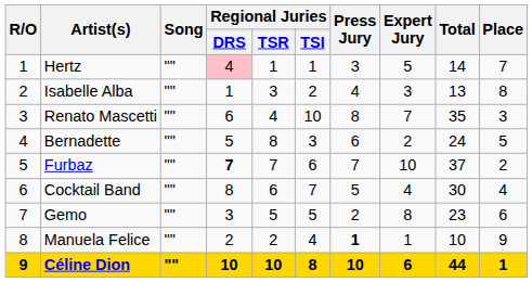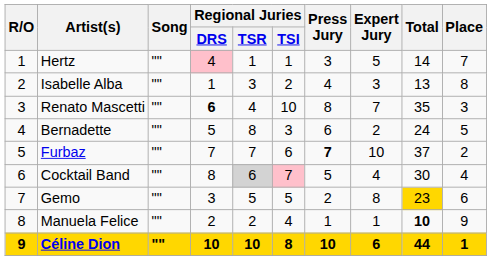 <table class="sortable wikitable" style="margin: 1em auto 1em auto; text-align:center">
 <tr>
 <th rowspan="2">R/O</th>
 <th rowspan="2">Artist(s)</th>
 <th rowspan="2">Song</th>
 <th colspan="3">Regional Juries</th>
 <th rowspan="2">Press<br>Jury</th>
 <th rowspan="2">Expert<br>Jury</th>
 <th rowspan="2">Total</th>
 <th rowspan="2">Place</th>
 </tr>
 <tr>
 <th><a href='#'>DRS</a></th>
 <th><a href='#'>TSR</a></th>
 <th><a href='#'>TSI</a></th>
 </tr>
 <tr>
 <td>1</td>
 <td align="left">Hertz</td>
 <td align="left">""</td>
 <td style="background: pink;">4</td>
 <td>1</td>
 <td>1</td>
 <td>3</td>
 <td>5</td>
 <td>14</td>
 <td>7</td>
 </tr>
 <tr>
 <td>2</td>
 <td align="left">Isabelle Alba</td>
 <td align="left">""</td>
 <td>1</td>
 <td>3</td>
 <td>2</td>
 <td>4</td>
 <td>3</td>
 <td>13</td>
 <td>8</td>
 </tr>
 <tr>
 <td>3</td>
 <td align="left">Renato Mascetti</td>
 <td align="left">""</td>
-<td>6</td>
+<td><strong>6</strong></td>
 <td>4</td>
 <td>10</td>
 <td>8</td>
 <td>7</td>
 <td>35</td>
 <td>3</td>
 </tr>
 <tr>
 <td>4</td>
 <td align="left">Bernadette</td>
 <td align="left">""</td>
 <td>5</td>
 <td>8</td>
 <td>3</td>
 <td>6</td>
 <td>2</td>
 <td>24</td>
 <td>5</td>
 </tr>
 <tr>
 <td>5</td>
 <td align="left"><a href='#'>Furbaz</a></td>
 <td align="left">""</td>
-<td><strong>7</strong></td>
+<td>7</td>
 <td>7</td>
 <td>6</td>
-<td>7</td>
+<td><strong>7</strong></td>
 <td>10</td>
 <td>37</td>
 <td>2</td>
 </tr>
 <tr>
 <td>6</td>
 <td align="left">Cocktail Band</td>
 <td align="left">""</td>
 <td>8</td>
-<td>6</td>
-<td>7</td>
+<td style="background: lightgrey;">6</td>
+<td style="background: pink;">7</td>
 <td>5</td>
 <td>4</td>
 <td>30</td>
 <td>4</td>
 </tr>
 <tr>
 <td>7</td>
 <td align="left">Gemo</td>
 <td align="left">""</td>
 <td>3</td>
 <td>5</td>
 <td>5</td>
 <td>2</td>
 <td>8</td>
-<td>23</td>
+<td style="background: gold;">23</td>
 <td>6</td>
 </tr>
 <tr>
 <td>8</td>
 <td align="left">Manuela Felice</td>
 <td align="left">""</td>
 <td>2</td>
 <td>2</td>
 <td>4</td>
-<td><strong>1</strong></td>
 <td>1</td>
-<td>10</td>
+<td>1</td>
+<td><strong>10</strong></td>
 <td>9</td>
 </tr>
 <tr style="font-weight:bold; background:gold;">
 <td>9</td>
 <td align="left"><a href='#'>Céline Dion</a></td>
 <td align="left">""</td>
 <td>10</td>
 <td>10</td>
 <td>8</td>
 <td>10</td>
 <td>6</td>
 <td>44</td>
 <td>1</td>
 </tr>
 </table>
